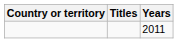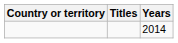 <table class="wikitable" style="font-size:95%;">
 <tr>
 <th>Country or territory</th>
 <th>Titles</th>
 <th>Years</th>
 </tr>
 <tr>
 <td></td>
 <td></td>
-<td>2011</td>
+<td>2014</td>
 </tr>
 </table>
